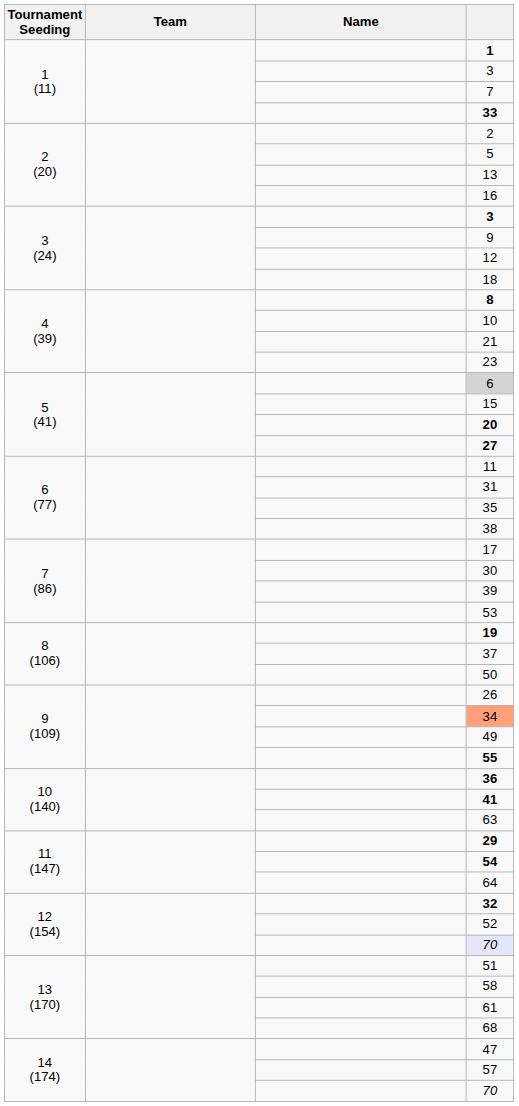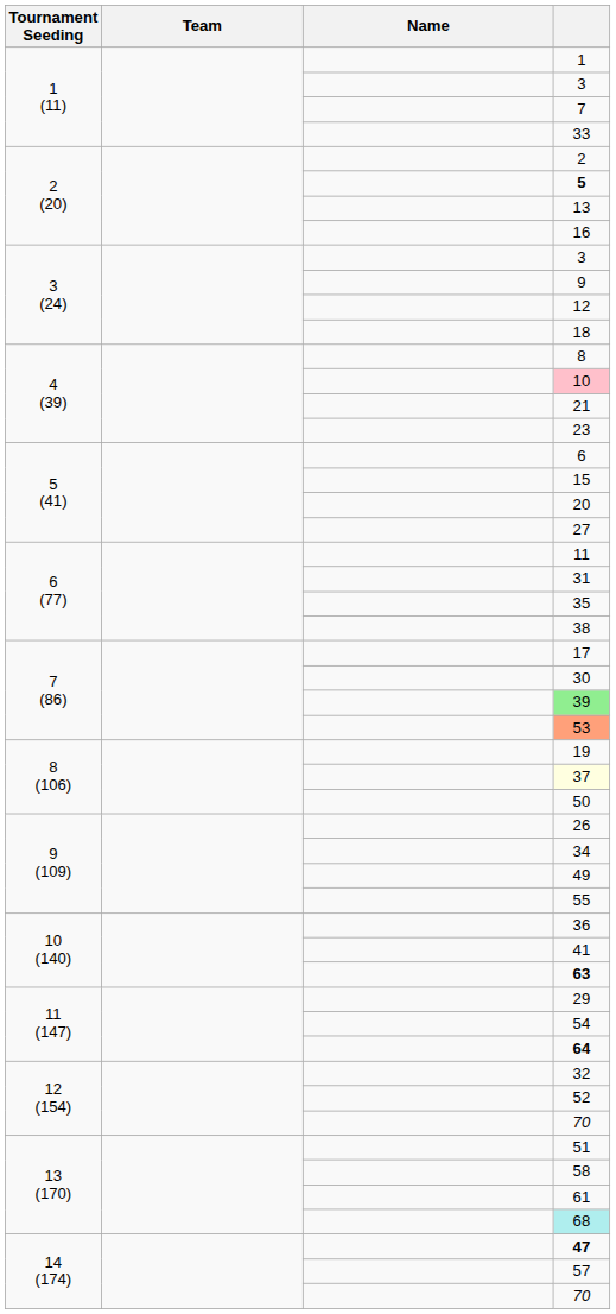 <table class="wikitable" style="text-align:center">
 <tr>
 <th width="50">Tournament Seeding</th>
 <th width="200">Team</th>
 <th width="250">Name</th>
 <th width="50"></th>
 </tr>
 <tr>
 <td rowspan="4">1<br>(11)</td>
 <td rowspan="4" align="left"></td>
 <td align="left"></td>
-<td><strong>1</strong></td>
+<td>1</td>
 </tr>
 <tr>
 <td align="left"></td>
 <td>3</td>
 </tr>
 <tr>
 <td align="left"></td>
 <td>7</td>
 </tr>
 <tr>
 <td align="left"></td>
-<td><strong>33</strong></td>
+<td>33</td>
 </tr>
 <tr>
 <td rowspan="4">2<br>(20)</td>
 <td rowspan="4" align="left"></td>
 <td align="left"></td>
 <td>2</td>
 </tr>
 <tr>
 <td align="left"></td>
-<td>5</td>
+<td><strong>5</strong></td>
 </tr>
 <tr>
 <td align="left"></td>
 <td>13</td>
 </tr>
 <tr>
 <td align="left"></td>
 <td>16</td>
 </tr>
 <tr>
 <td rowspan="4">3<br>(24)</td>
 <td rowspan="4" align="left"></td>
 <td align="left"></td>
-<td><strong>3</strong></td>
+<td>3</td>
 </tr>
 <tr>
 <td align="left"></td>
 <td>9</td>
 </tr>
 <tr>
 <td align="left"></td>
 <td>12</td>
 </tr>
 <tr>
 <td align="left"></td>
 <td>18</td>
 </tr>
 <tr>
 <td rowspan="4">4<br>(39)</td>
 <td rowspan="4" align="left"></td>
 <td align="left"></td>
-<td><strong>8</strong></td>
+<td>8</td>
 </tr>
 <tr>
 <td align="left"></td>
-<td>10</td>
+<td style="background: pink;">10</td>
 </tr>
 <tr>
 <td align="left"></td>
 <td>21</td>
 </tr>
 <tr>
 <td align="left"></td>
 <td>23</td>
 </tr>
 <tr>
 <td rowspan="4">5<br>(41)</td>
 <td rowspan="4" align="left"></td>
 <td align="left"></td>
-<td style="background: lightgrey;">6</td>
+<td>6</td>
 </tr>
 <tr>
 <td align="left"></td>
 <td>15</td>
 </tr>
 <tr>
 <td align="left"></td>
-<td><strong>20</strong></td>
+<td>20</td>
 </tr>
 <tr>
 <td align="left"></td>
-<td><strong>27</strong></td>
+<td>27</td>
 </tr>
 <tr>
 <td rowspan="4">6<br>(77)</td>
 <td rowspan="4" align="left"></td>
 <td align="left"></td>
 <td>11</td>
 </tr>
 <tr>
 <td align="left"></td>
 <td>31</td>
 </tr>
 <tr>
 <td align="left"></td>
 <td>35</td>
 </tr>
 <tr>
 <td align="left"></td>
 <td>38</td>
 </tr>
 <tr>
 <td rowspan="4">7<br>(86)</td>
 <td rowspan="4" align="left"></td>
 <td align="left"></td>
 <td>17</td>
 </tr>
 <tr>
 <td align="left"></td>
 <td>30</td>
 </tr>
 <tr>
 <td align="left"></td>
-<td>39</td>
+<td style="background: lightgreen;">39</td>
 </tr>
 <tr>
 <td align="left"></td>
-<td>53</td>
+<td style="background: lightsalmon;">53</td>
 </tr>
 <tr>
 <td rowspan="3">8<br>(106)</td>
 <td rowspan="3" align="left"></td>
 <td align="left"></td>
-<td><strong>19</strong></td>
+<td>19</td>
 </tr>
 <tr>
 <td align="left"></td>
-<td>37</td>
+<td style="background: lightyellow;">37</td>
 </tr>
 <tr>
 <td align="left"></td>
 <td>50</td>
 </tr>
 <tr>
 <td rowspan="4">9<br>(109)</td>
 <td rowspan="4" align="left"></td>
 <td align="left"></td>
 <td>26</td>
 </tr>
 <tr>
 <td align="left"></td>
-<td style="background: lightsalmon;">34</td>
+<td>34</td>
 </tr>
 <tr>
 <td align="left"></td>
 <td>49</td>
 </tr>
 <tr>
 <td align="left"></td>
-<td><strong>55</strong></td>
+<td>55</td>
 </tr>
 <tr>
 <td rowspan="3">10<br>(140)</td>
 <td rowspan="3" align="left"></td>
 <td align="left"></td>
-<td><strong>36</strong></td>
+<td>36</td>
 </tr>
 <tr>
 <td align="left"></td>
-<td><strong>41</strong></td>
+<td>41</td>
 </tr>
 <tr>
 <td align="left"></td>
-<td>63</td>
+<td><strong>63</strong></td>
 </tr>
 <tr>
 <td rowspan="3">11<br>(147)</td>
 <td rowspan="3" align="left"></td>
 <td align="left"></td>
-<td><strong>29</strong></td>
+<td>29</td>
 </tr>
 <tr>
 <td align="left"></td>
-<td><strong>54</strong></td>
+<td>54</td>
 </tr>
 <tr>
 <td align="left"></td>
-<td>64</td>
+<td><strong>64</strong></td>
 </tr>
 <tr>
 <td rowspan="3">12<br>(154)</td>
 <td rowspan="3" align="left"></td>
 <td align="left"></td>
-<td><strong>32</strong></td>
+<td>32</td>
 </tr>
 <tr>
 <td align="left"></td>
 <td>52</td>
 </tr>
 <tr>
 <td align="left"><em></em></td>
-<td style="background: lavender;"><em>70</em></td>
+<td><em>70</em></td>
 </tr>
 <tr>
 <td rowspan="4">13<br>(170)</td>
 <td rowspan="4" align="left"></td>
 <td align="left"></td>
 <td>51</td>
 </tr>
 <tr>
 <td align="left"></td>
 <td>58</td>
 </tr>
 <tr>
 <td align="left"></td>
 <td>61</td>
 </tr>
 <tr>
 <td align="left"></td>
-<td>68</td>
+<td style="background: paleturquoise;">68</td>
 </tr>
 <tr>
 <td rowspan="3">14<br>(174)</td>
 <td rowspan="3" align="left"></td>
 <td align="left"></td>
-<td>47</td>
+<td><strong>47</strong></td>
 </tr>
 <tr>
 <td align="left"></td>
 <td>57</td>
 </tr>
 <tr>
 <td align="left"><em></em></td>
 <td><em>70</em></td>
 </tr>
 </table>
